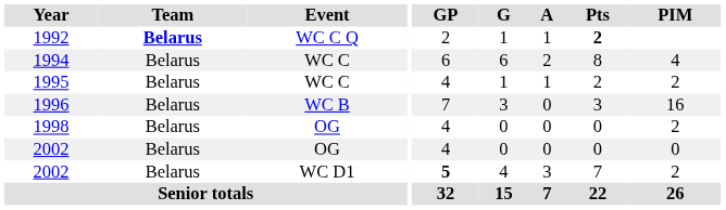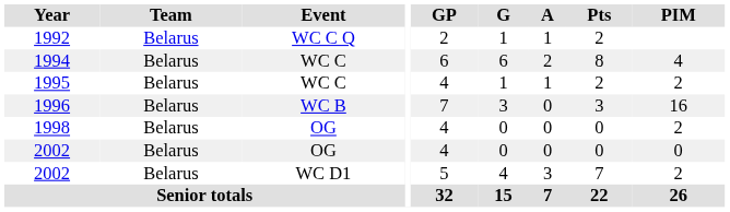 <table border="0" cellpadding="1" cellspacing="0" style="text-align:center; width:40em">
 <tr bgcolor="#e0e0e0">
 <th>Year</th>
 <th>Team</th>
 <th>Event</th>
 <th rowspan="99" bgcolor="#ffffff"></th>
 <th>GP</th>
 <th>G</th>
 <th>A</th>
 <th>Pts</th>
 <th>PIM</th>
 </tr>
 <tr>
 <td><a href='#'>1992</a></td>
-<td><strong><a href='#'>Belarus</a></strong></td>
+<td><a href='#'>Belarus</a></td>
 <td><a href='#'>WC C Q</a></td>
 <td>2</td>
 <td>1</td>
 <td>1</td>
-<td><strong>2</strong></td>
+<td>2</td>
 <td></td>
 </tr>
 <tr bgcolor="#f0f0f0">
 <td><a href='#'>1994</a></td>
 <td>Belarus</td>
 <td>WC C</td>
 <td>6</td>
 <td>6</td>
 <td>2</td>
 <td>8</td>
 <td>4</td>
 </tr>
 <tr>
 <td><a href='#'>1995</a></td>
 <td>Belarus</td>
 <td>WC C</td>
 <td>4</td>
 <td>1</td>
 <td>1</td>
 <td>2</td>
 <td>2</td>
 </tr>
 <tr bgcolor="#f0f0f0">
 <td><a href='#'>1996</a></td>
 <td>Belarus</td>
 <td><a href='#'>WC B</a></td>
 <td>7</td>
 <td>3</td>
 <td>0</td>
 <td>3</td>
 <td>16</td>
 </tr>
 <tr>
 <td><a href='#'>1998</a></td>
 <td>Belarus</td>
 <td><a href='#'>OG</a></td>
 <td>4</td>
 <td>0</td>
 <td>0</td>
 <td>0</td>
 <td>2</td>
 </tr>
 <tr bgcolor="#f0f0f0">
 <td><a href='#'>2002</a></td>
 <td>Belarus</td>
 <td>OG</td>
 <td>4</td>
 <td>0</td>
 <td>0</td>
 <td>0</td>
 <td>0</td>
 </tr>
 <tr>
 <td><a href='#'>2002</a></td>
 <td>Belarus</td>
 <td>WC D1</td>
-<td><strong>5</strong></td>
+<td>5</td>
 <td>4</td>
 <td>3</td>
 <td>7</td>
 <td>2</td>
 </tr>
 <tr bgcolor="#e0e0e0">
 <th colspan="3">Senior totals</th>
 <th>32</th>
 <th>15</th>
 <th>7</th>
 <th>22</th>
 <th>26</th>
 </tr>
 </table>
